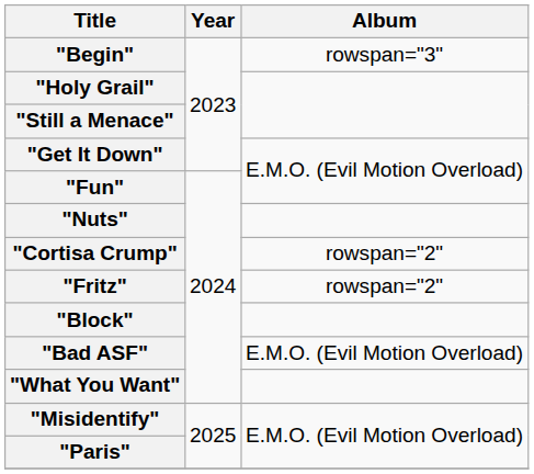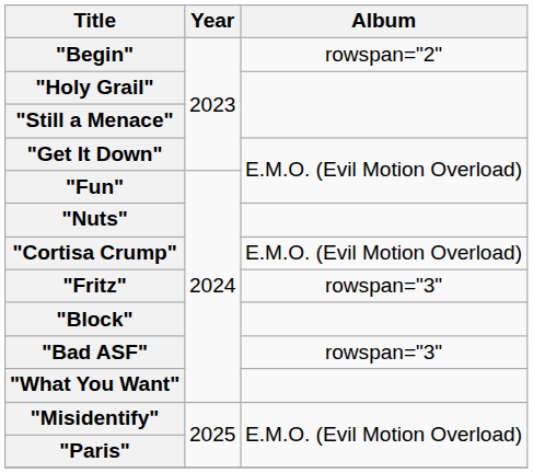 <table class="wikitable plainrowheaders" style="text-align:center;">
 <tr>
 <th scope="col">Title</th>
 <th scope="col">Year</th>
 <th scope="col">Album</th>
 </tr>
 <tr>
 <th scope="row">"Begin"</th>
 <td rowspan="4">2023</td>
-<td>rowspan="3" </td>
+<td>rowspan="2" </td>
 </tr>
 <tr>
 <th scope="row">"Holy Grail"</th>
 </tr>
 <tr>
 <th scope="row">"Still a Menace"</th>
 </tr>
 <tr>
 <th scope="row">"Get It Down"</th>
 <td rowspan="2">E.M.O. (Evil Motion Overload)</td>
 </tr>
 <tr>
 <th scope="row">"Fun"</th>
 <td rowspan="7">2024</td>
 </tr>
 <tr>
 <th scope="row">"Nuts"</th>
 <td></td>
 </tr>
 <tr>
 <th scope="row">"Cortisa Crump"</th>
-<td>rowspan="2" </td>
+<td>E.M.O. (Evil Motion Overload)</td>
 </tr>
 <tr>
 <th scope="row">"Fritz"<br></th>
-<td>rowspan="2" </td>
+<td>rowspan="3" </td>
 </tr>
 <tr>
 <th scope="row">"Block"<br></th>
 </tr>
 <tr>
 <th scope="row">"Bad ASF" <br> </th>
-<td>E.M.O. (Evil Motion Overload)</td>
+<td>rowspan="3" </td>
 </tr>
 <tr>
 <th scope="row">"What You Want"<br></th>
 <td></td>
 </tr>
 <tr>
 <th scope="row">"Misidentify"<br></th>
 <td rowspan="2">2025</td>
 <td rowspan="2">E.M.O. (Evil Motion Overload)</td>
 </tr>
 <tr>
 <th scope="row">"Paris"<br></th>
 </tr>
 <tr>
 </tr>
 </table>
